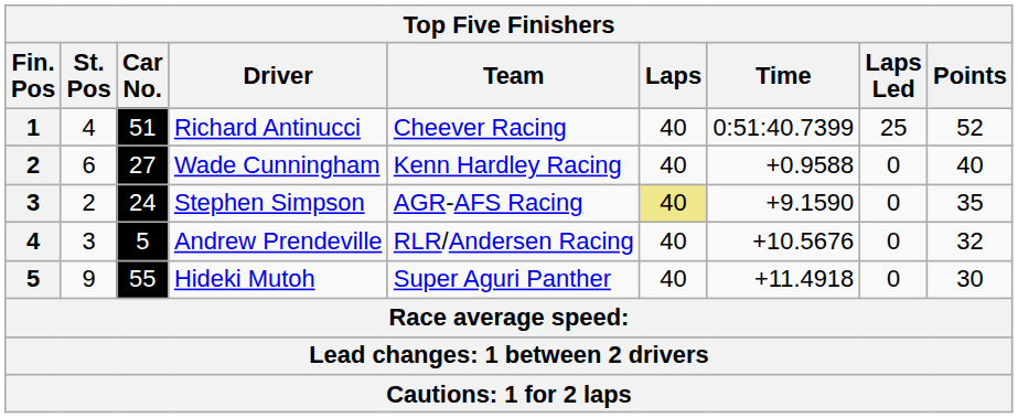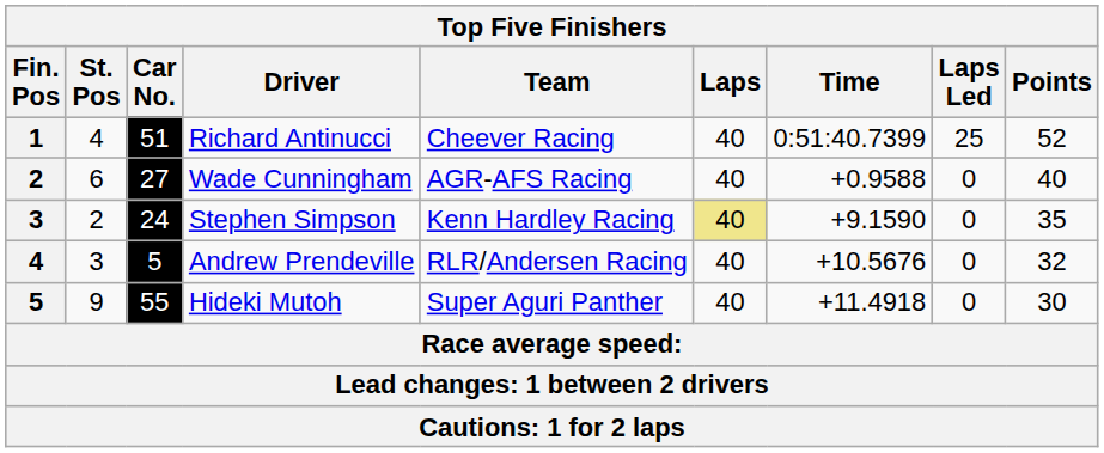 <table class="wikitable" style="font-size:85%;">
 <tr>
 <th colspan=9>Top Five Finishers</th>
 </tr>
 <tr>
 <th>Fin.<br>Pos</th>
 <th>St.<br>Pos</th>
 <th>Car<br>No.</th>
 <th>Driver</th>
 <th>Team</th>
 <th>Laps</th>
 <th>Time</th>
 <th>Laps<br>Led</th>
 <th>Points</th>
 </tr>
 <tr>
 <th>1</th>
 <td align=center>4</td>
 <td style="background:#000000; color:white;" align=center>51</td>
 <td> <a href='#'>Richard Antinucci</a></td>
 <td><a href='#'>Cheever Racing</a></td>
 <td align=center>40</td>
 <td align=right>0:51:40.7399</td>
 <td align=center>25</td>
 <td align=center>52</td>
 </tr>
 <tr>
 <th>2</th>
 <td align=center>6</td>
 <td style="background:#000000; color:white;" align=center>27</td>
 <td> <a href='#'>Wade Cunningham</a></td>
-<td><a href='#'>Kenn Hardley Racing</a></td>
+<td><a href='#'>AGR</a>-<a href='#'>AFS Racing</a></td>
 <td align=center>40</td>
 <td align=right>+0.9588</td>
 <td align=center>0</td>
 <td align=center>40</td>
 </tr>
 <tr>
 <th>3</th>
 <td align=center>2</td>
 <td style="background:#000000; color:white;" align=center>24</td>
 <td> <a href='#'>Stephen Simpson</a></td>
-<td><a href='#'>AGR</a>-<a href='#'>AFS Racing</a></td>
+<td><a href='#'>Kenn Hardley Racing</a></td>
 <td align=center style="background: khaki;">40</td>
 <td align=right>+9.1590</td>
 <td align=center>0</td>
 <td align=center>35</td>
 </tr>
 <tr>
 <th>4</th>
 <td align=center>3</td>
 <td style="background:#000000; color:white;" align=center>5</td>
 <td> <a href='#'>Andrew Prendeville</a></td>
 <td><a href='#'>RLR</a>/<a href='#'>Andersen Racing</a></td>
 <td align=center>40</td>
 <td align=right>+10.5676</td>
 <td align=center>0</td>
 <td align=center>32</td>
 </tr>
 <tr>
 <th>5</th>
 <td align=center>9</td>
 <td style="background:#000000; color:white;" align=center>55</td>
 <td> <a href='#'>Hideki Mutoh</a></td>
 <td><a href='#'>Super Aguri Panther</a></td>
 <td align=center>40</td>
 <td align=right>+11.4918</td>
 <td align=center>0</td>
 <td align=center>30</td>
 </tr>
 <tr>
 <th colspan=9>Race average speed: </th>
 </tr>
 <tr>
 <th colspan=9>Lead changes: 1 between 2 drivers</th>
 </tr>
 <tr>
 <th colspan=9>Cautions: 1 for 2 laps</th>
 </tr>
 </table>
